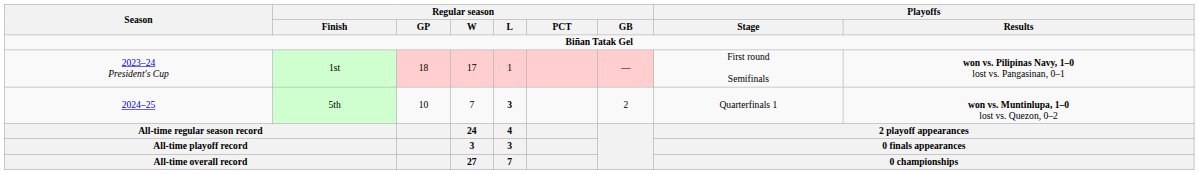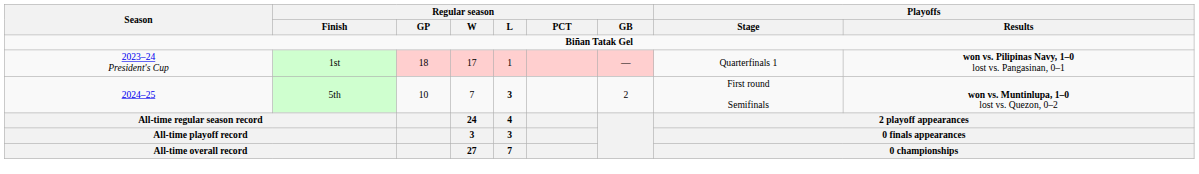 <table class=wikitable style="width:100%; text-align:center">
 <tr>
 <th rowspan="2">Season</th>
 <th colspan="6">Regular season</th>
 <th colspan="2">Playoffs</th>
 </tr>
 <tr>
 <th>Finish</th>
 <th>GP</th>
 <th>W</th>
 <th>L</th>
 <th>PCT</th>
 <th>GB</th>
 <th>Stage</th>
 <th>Results</th>
 </tr>
 <tr>
 <td colspan=10><span><strong>Biñan Tatak Gel</strong></span></td>
 </tr>
 <tr>
 <td><a href='#'>2023–24</a> <br> <em>President's Cup</em></td>
 <td bgcolor="#CFFFCF">1st</td>
 <td bgcolor="#FFCFCF">18</td>
 <td bgcolor="#FFCFCF">17</td>
 <td bgcolor="#FFCFCF">1</td>
 <td bgcolor="#FFCFCF"></td>
 <td bgcolor="#FFCFCF">—</td>
-<td>First round <br>  <br> Semifinals</td>
+<td>Quarterfinals 1 <br> </td>
 <td><strong>won vs. Pilipinas Navy, 1–0</strong> <br> lost vs. Pangasinan, 0–1</td>
 </tr>
 <tr>
 <td><a href='#'>2024–25</a> <br> </td>
 <td bgcolor="CFFFCF">5th</td>
 <td>10</td>
 <td>7</td>
 <td><strong>3</strong></td>
 <td></td>
 <td>2</td>
-<td>Quarterfinals 1 <br> </td>
+<td>First round <br>  <br> Semifinals</td>
 <td> <br> <strong>won vs. Muntinlupa, 1–0</strong> <br> lost vs. Quezon, 0–2</td>
 </tr>
 <tr>
 <th colspan="2">All-time regular season record</th>
 <th></th>
 <th>24</th>
 <th>4</th>
 <th></th>
 <th rowspan="3"></th>
 <th colspan="2">2 playoff appearances</th>
 </tr>
 <tr>
 <th colspan="2">All-time playoff record</th>
 <th></th>
 <th>3</th>
 <th>3</th>
 <th></th>
 <th colspan="2">0 finals appearances</th>
 </tr>
 <tr>
 <th colspan="2">All-time overall record</th>
 <th></th>
 <th>27</th>
 <th>7</th>
 <th></th>
 <th colspan="2">0 championships</th>
 </tr>
 </table>
